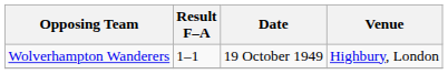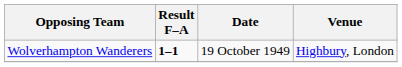 <table class="wikitable">
 <tr>
 <th>Opposing Team</th>
 <th>Result<br>F–A</th>
 <th>Date</th>
 <th>Venue</th>
 </tr>
 <tr>
 <td><a href='#'>Wolverhampton Wanderers</a></td>
-<td>1–1</td>
+<td><strong>1–1</strong></td>
 <td>19 October 1949</td>
 <td><a href='#'>Highbury</a>, London</td>
 </tr>
 <tr>
 </tr>
 </table>
